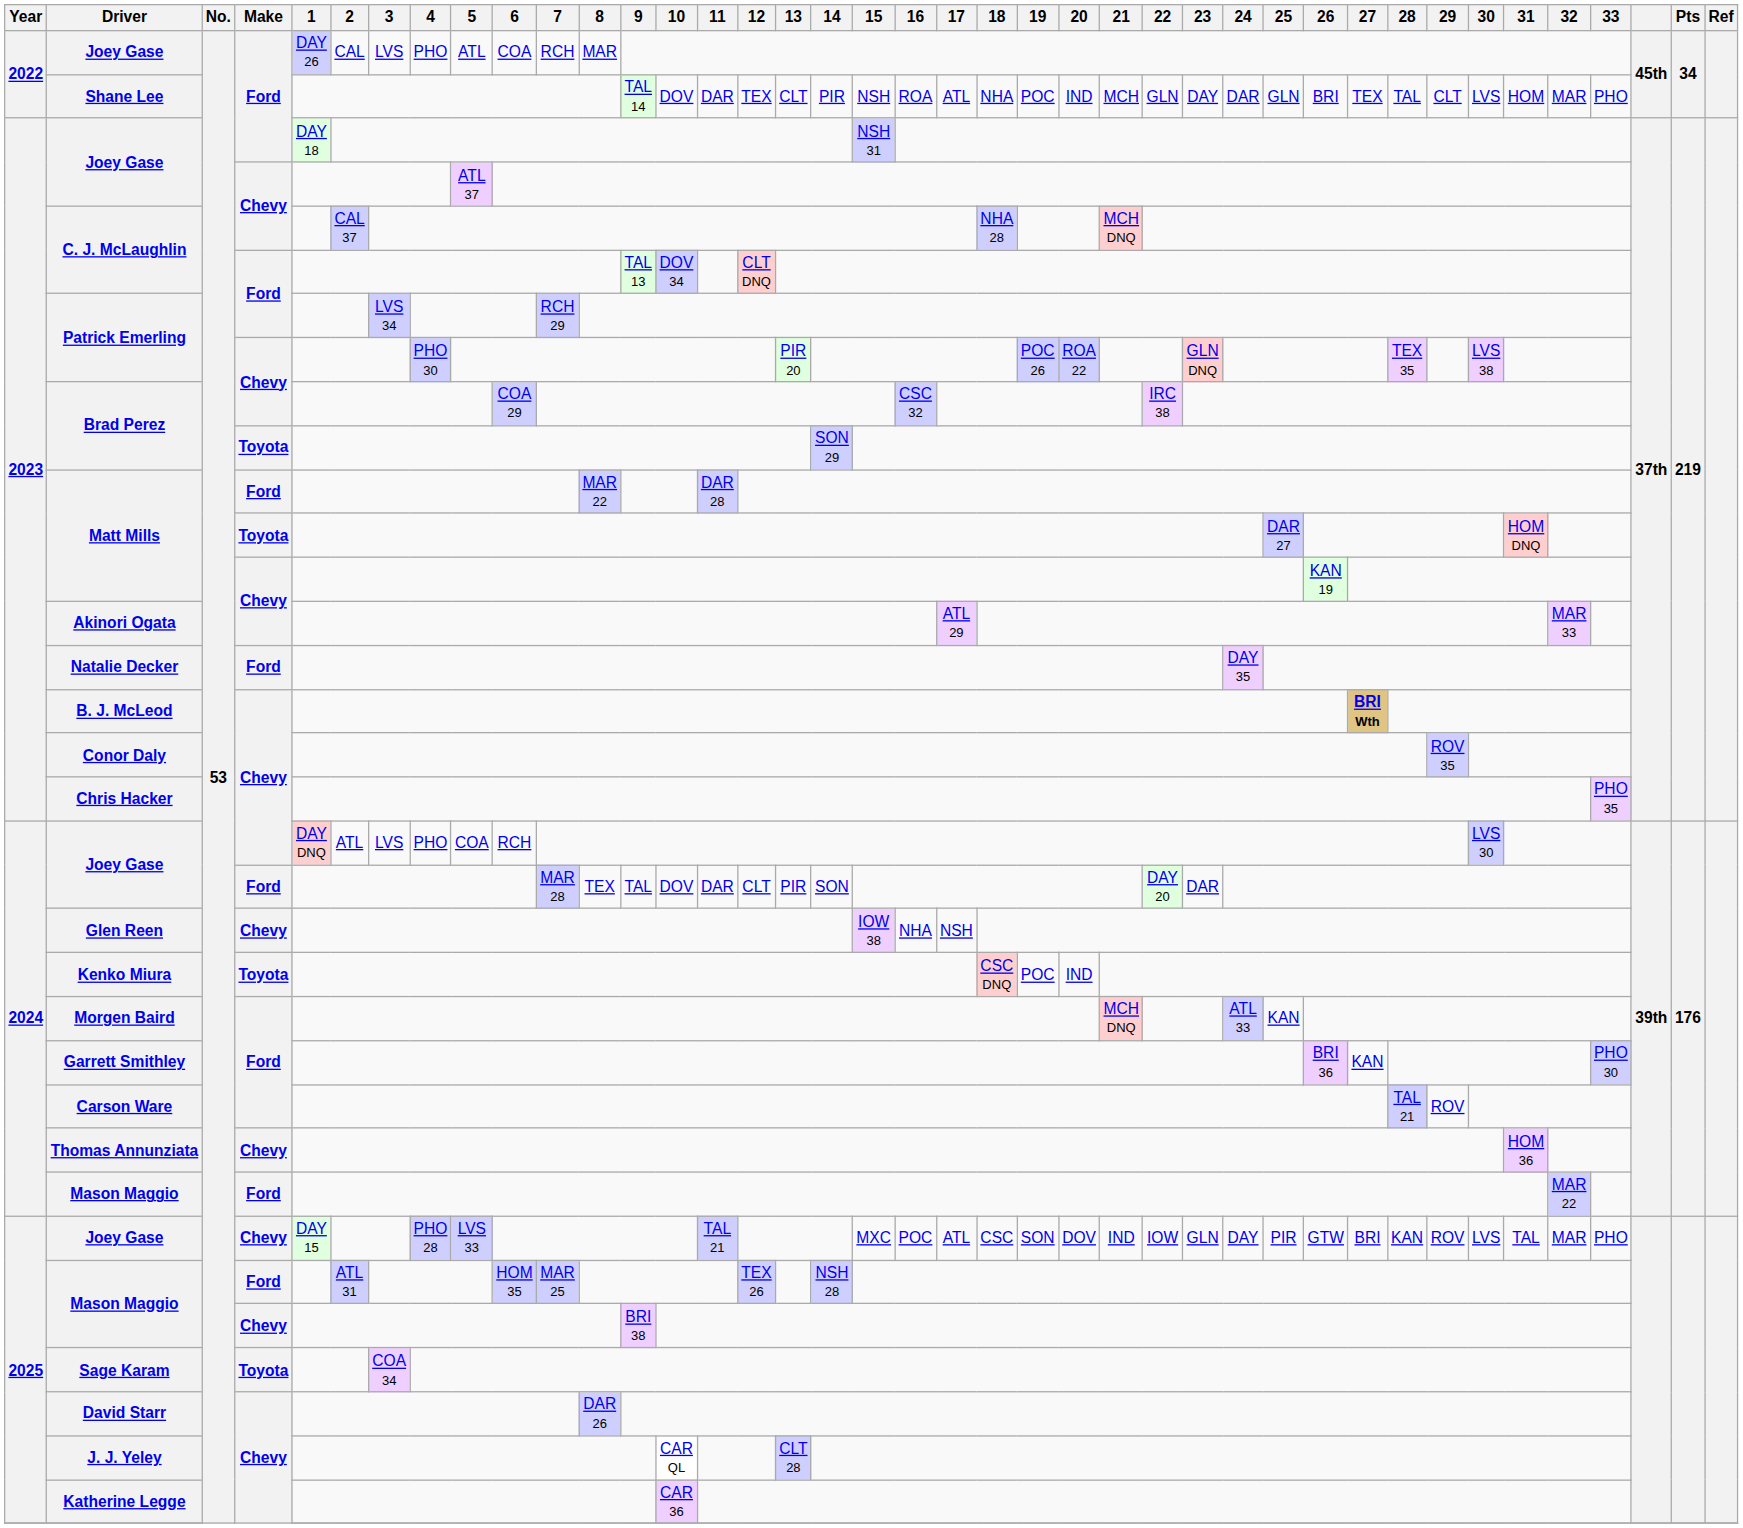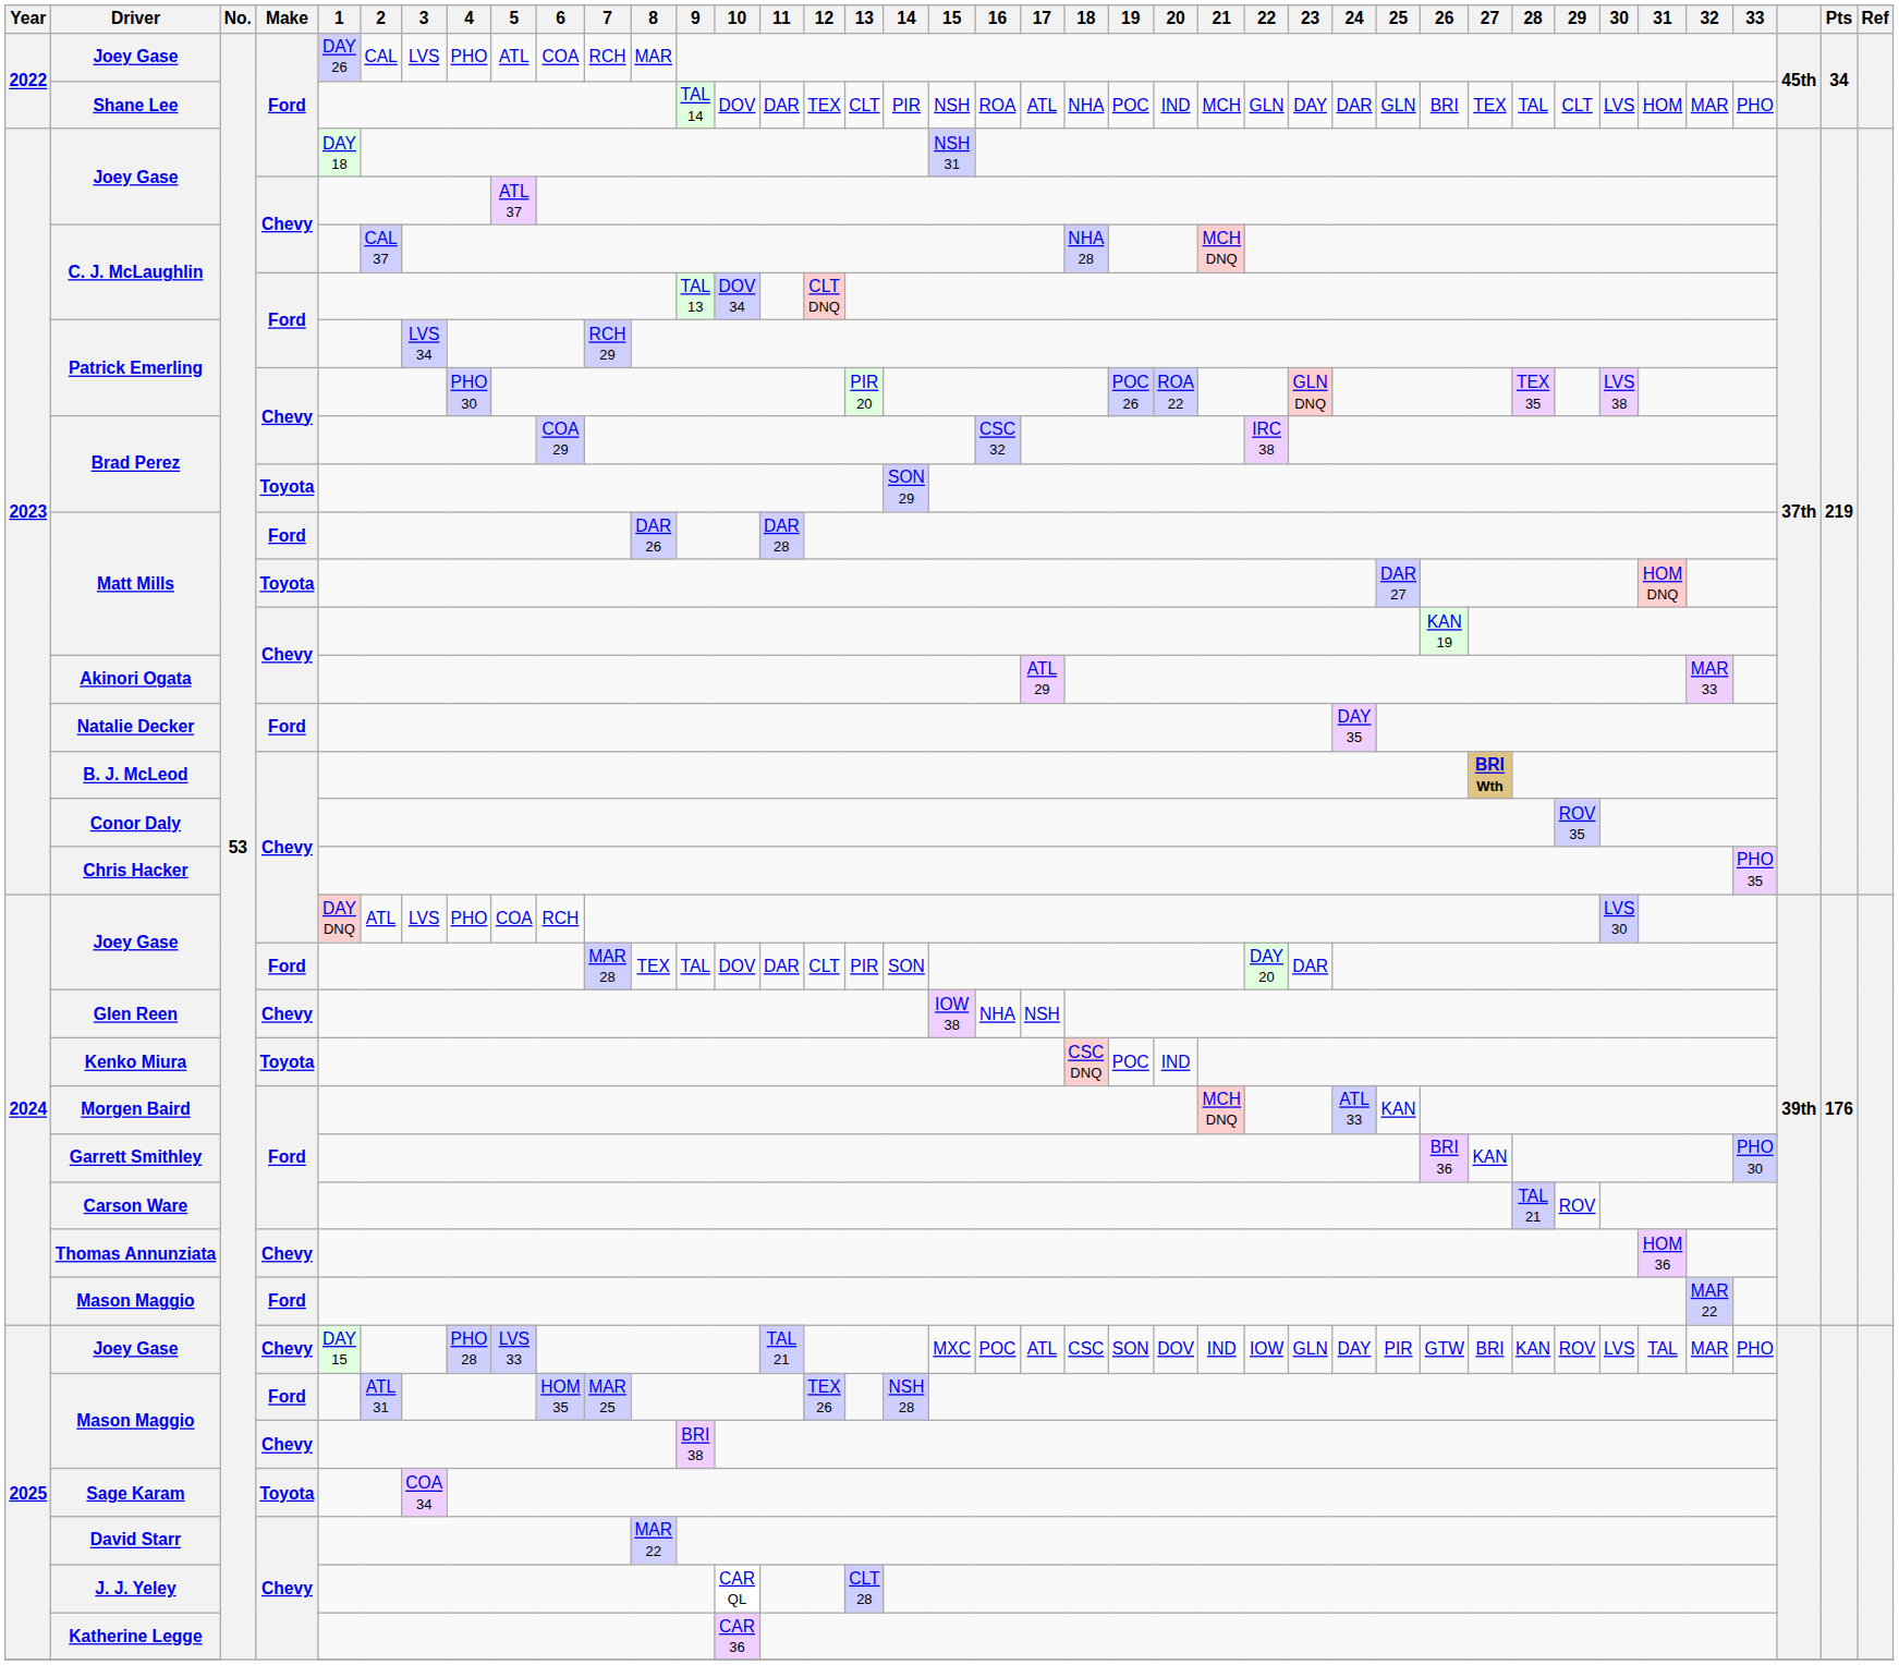 <table class="wikitable" style="text-align:center; font-size:75%">
 <tr>
 <th>Year</th>
 <th>Driver</th>
 <th>No.</th>
 <th>Make</th>
 <th>1</th>
 <th>2</th>
 <th>3</th>
 <th>4</th>
 <th>5</th>
 <th>6</th>
 <th>7</th>
 <th>8</th>
 <th>9</th>
 <th>10</th>
 <th>11</th>
 <th>12</th>
 <th>13</th>
 <th>14</th>
 <th>15</th>
 <th>16</th>
 <th>17</th>
 <th>18</th>
 <th>19</th>
 <th>20</th>
 <th>21</th>
 <th>22</th>
 <th>23</th>
 <th>24</th>
 <th>25</th>
 <th>26</th>
 <th>27</th>
 <th>28</th>
 <th>29</th>
 <th>30</th>
 <th>31</th>
 <th>32</th>
 <th>33</th>
 <th></th>
 <th>Pts</th>
 <th>Ref</th>
 </tr>
 <tr>
 <th rowspan="2"><a href='#'>2022</a></th>
 <th><a href='#'>Joey Gase</a></th>
 <th rowspan="35">53</th>
 <th rowspan="3"><a href='#'>Ford</a></th>
 <td style="background:#CFCFFF;"><a href='#'>DAY</a><br><small>26</small></td>
 <td><a href='#'>CAL</a></td>
 <td><a href='#'>LVS</a></td>
 <td><a href='#'>PHO</a></td>
 <td><a href='#'>ATL</a></td>
 <td><a href='#'>COA</a></td>
 <td><a href='#'>RCH</a></td>
 <td><a href='#'>MAR</a></td>
 <td colspan=25></td>
 <th rowspan="2">45th</th>
 <th rowspan="2">34</th>
 <th rowspan="2"></th>
 </tr>
 <tr>
 <th><a href='#'>Shane Lee</a></th>
 <td colspan=8></td>
 <td style="background:#DFFFDF;"><a href='#'>TAL</a><br><small>14</small></td>
 <td><a href='#'>DOV</a></td>
 <td><a href='#'>DAR</a></td>
 <td><a href='#'>TEX</a></td>
 <td><a href='#'>CLT</a></td>
 <td><a href='#'>PIR</a></td>
 <td><a href='#'>NSH</a></td>
 <td><a href='#'>ROA</a></td>
 <td><a href='#'>ATL</a></td>
 <td><a href='#'>NHA</a></td>
 <td><a href='#'>POC</a></td>
 <td><a href='#'>IND</a></td>
 <td><a href='#'>MCH</a></td>
 <td><a href='#'>GLN</a></td>
 <td><a href='#'>DAY</a></td>
 <td><a href='#'>DAR</a></td>
 <td><a href='#'>GLN</a></td>
 <td><a href='#'>BRI</a></td>
 <td><a href='#'>TEX</a></td>
 <td><a href='#'>TAL</a></td>
 <td><a href='#'>CLT</a></td>
 <td><a href='#'>LVS</a></td>
 <td><a href='#'>HOM</a></td>
 <td><a href='#'>MAR</a></td>
 <td><a href='#'>PHO</a></td>
 </tr>
 <tr>
 <th rowspan="16"><a href='#'>2023</a></th>
 <th rowspan=2><a href='#'>Joey Gase</a></th>
 <td style="background:#DFFFDF;"><a href='#'>DAY</a><br><small>18</small></td>
 <td colspan="13"></td>
 <td style="background:#CFCFFF;"><a href='#'>NSH</a><br><small>31</small></td>
 <td colspan="18"></td>
 <th rowspan="16">37th</th>
 <th rowspan="16">219</th>
 <th rowspan="16"></th>
 </tr>
 <tr>
 <th rowspan=2><a href='#'>Chevy</a></th>
 <td colspan=4></td>
 <td style="background:#EFCFFF;"><a href='#'>ATL</a><br><small>37</small></td>
 <td colspan=28></td>
 </tr>
 <tr>
 <th rowspan="2"><a href='#'>C. J. McLaughlin</a></th>
 <td></td>
 <td style="background:#CFCFFF;"><a href='#'>CAL</a><br><small>37</small></td>
 <td colspan="15"></td>
 <td style="background:#CFCFFF;"><a href='#'>NHA</a><br><small>28</small></td>
 <td colspan="2"></td>
 <td style="background:#FFCFCF;"><a href='#'>MCH</a><br><small>DNQ</small></td>
 <td colspan="12"></td>
 </tr>
 <tr>
 <th rowspan=2><a href='#'>Ford</a></th>
 <td colspan="8"></td>
 <td style="background:#DFFFDF;"><a href='#'>TAL</a><br><small>13</small></td>
 <td style="background:#CFCFFF;"><a href='#'>DOV</a><br><small>34</small></td>
 <td></td>
 <td style="background:#FFCFCF;"><a href='#'>CLT</a><br><small>DNQ</small></td>
 <td colspan="21"></td>
 </tr>
 <tr>
 <th rowspan="2"><a href='#'>Patrick Emerling</a></th>
 <td colspan="2"></td>
 <td style="background:#CFCFFF;"><a href='#'>LVS</a><br><small>34</small></td>
 <td colspan="3"></td>
 <td style="background:#CFCFFF;"><a href='#'>RCH</a><br><small>29</small></td>
 <td colspan="26"></td>
 </tr>
 <tr>
 <th rowspan="2"><a href='#'>Chevy</a></th>
 <td colspan="3"></td>
 <td style="background:#CFCFFF;"><a href='#'>PHO</a><br><small>30</small></td>
 <td colspan="8"></td>
 <td style="background:#DFFFDF;"><a href='#'>PIR</a><br><small>20</small></td>
 <td colspan="5"></td>
 <td style="background:#CFCFFF;"><a href='#'>POC</a><br><small>26</small></td>
 <td style="background:#CFCFFF;"><a href='#'>ROA</a><br><small>22</small></td>
 <td colspan="2"></td>
 <td style="background:#FFCFCF;"><a href='#'>GLN</a><br><small>DNQ</small></td>
 <td colspan="4"></td>
 <td style="background:#EFCFFF;"><a href='#'>TEX</a><br><small>35</small></td>
 <td></td>
 <td style="background:#EFCFFF;"><a href='#'>LVS</a><br><small>38</small></td>
 <td colspan="3"></td>
 </tr>
 <tr>
 <th rowspan="2"><a href='#'>Brad Perez</a></th>
 <td colspan="5"></td>
 <td style="background:#CFCFFF;"><a href='#'>COA</a><br><small>29</small></td>
 <td colspan="9"></td>
 <td style="background:#CFCFFF;"><a href='#'>CSC</a><br><small>32</small></td>
 <td colspan="5"></td>
 <td style="background:#EFCFFF;"><a href='#'>IRC</a><br><small>38</small></td>
 <td colspan="11"></td>
 </tr>
 <tr>
 <th><a href='#'>Toyota</a></th>
 <td colspan=13></td>
 <td style="background:#CFCFFF;"><a href='#'>SON</a><br><small>29</small></td>
 <td colspan=19></td>
 </tr>
 <tr>
 <th rowspan="3"><a href='#'>Matt Mills</a></th>
 <th><a href='#'>Ford</a></th>
 <td colspan=7></td>
-<td style="background:#CFCFFF;"><a href='#'>MAR</a><br><small>22</small></td>
+<td style="background:#CFCFFF;"><a href='#'>DAR</a><br><small>26</small></td>
 <td colspan=2></td>
 <td style="background:#CFCFFF;"><a href='#'>DAR</a><br><small>28</small></td>
 <td colspan=22></td>
 </tr>
 <tr>
 <th><a href='#'>Toyota</a></th>
 <td colspan="24"></td>
 <td style="background:#CFCFFF;"><a href='#'>DAR</a><br><small>27</small></td>
 <td colspan="5"></td>
 <td style="background:#FFCFCF;"><a href='#'>HOM</a><br><small>DNQ</small></td>
 <td colspan="2"></td>
 </tr>
 <tr>
 <th rowspan=2><a href='#'>Chevy</a></th>
 <td colspan=25></td>
 <td style="background:#DFFFDF;"><a href='#'>KAN</a><br><small>19</small></td>
 <td colspan=7></td>
 </tr>
 <tr>
 <th><a href='#'>Akinori Ogata</a></th>
 <td colspan=16></td>
 <td style="background:#EFCFFF;"><a href='#'>ATL</a><br><small>29</small></td>
 <td colspan="14"></td>
 <td style="background:#EFCFFF;"><a href='#'>MAR</a><br><small>33</small></td>
 <td></td>
 </tr>
 <tr>
 <th><a href='#'>Natalie Decker</a></th>
 <th><a href='#'>Ford</a></th>
 <td colspan=23></td>
 <td style="background:#EFCFFF;"><a href='#'>DAY</a><br><small>35</small></td>
 <td colspan=9></td>
 </tr>
 <tr>
 <th><a href='#'>B. J. McLeod</a></th>
 <th rowspan=4><a href='#'>Chevy</a></th>
 <td colspan=26></td>
 <td style="background:#DFC484;"><strong><a href='#'>BRI</a><br><small>Wth</small></strong></td>
 <td colspan=6></td>
 </tr>
 <tr>
 <th><a href='#'>Conor Daly</a></th>
 <td colspan=28></td>
 <td style="background:#CFCFFF;"><a href='#'>ROV</a><br><small>35</small></td>
 <td colspan=4></td>
 </tr>
 <tr>
 <th><a href='#'>Chris Hacker</a></th>
 <td colspan=32></td>
 <td style="background:#EFCFFF;"><a href='#'>PHO</a><br><small>35</small></td>
 </tr>
 <tr>
 <th rowspan="9"><a href='#'>2024</a></th>
 <th rowspan=2><a href='#'>Joey Gase</a></th>
 <td style="background:#FFCFCF;"><a href='#'>DAY</a><br><small>DNQ</small></td>
 <td><a href='#'>ATL</a></td>
 <td><a href='#'>LVS</a></td>
 <td><a href='#'>PHO</a></td>
 <td><a href='#'>COA</a></td>
 <td><a href='#'>RCH</a></td>
 <td colspan="23"></td>
 <td style="background:#CFCFFF;"><a href='#'>LVS</a><br><small>30</small></td>
 <td colspan="3"></td>
 <th rowspan="9">39th</th>
 <th rowspan="9">176</th>
 <th rowspan="9"></th>
 </tr>
 <tr>
 <th><a href='#'>Ford</a></th>
 <td colspan=6></td>
 <td style="background:#CFCFFF;"><a href='#'>MAR</a><br><small>28</small></td>
 <td><a href='#'>TEX</a></td>
 <td><a href='#'>TAL</a></td>
 <td><a href='#'>DOV</a></td>
 <td><a href='#'>DAR</a></td>
 <td><a href='#'>CLT</a></td>
 <td><a href='#'>PIR</a></td>
 <td><a href='#'>SON</a></td>
 <td colspan="7"></td>
 <td style="background:#DFFFDF;"><a href='#'>DAY</a><br><small>20</small></td>
 <td><a href='#'>DAR</a></td>
 <td colspan="10"></td>
 </tr>
 <tr>
 <th><a href='#'>Glen Reen</a></th>
 <th><a href='#'>Chevy</a></th>
 <td colspan=14></td>
 <td style="background:#EFCFFF;"><a href='#'>IOW</a><br><small>38</small></td>
 <td><a href='#'>NHA</a></td>
 <td><a href='#'>NSH</a></td>
 <td colspan=16></td>
 </tr>
 <tr>
 <th><a href='#'>Kenko Miura</a></th>
 <th><a href='#'>Toyota</a></th>
 <td colspan=17></td>
 <td style="background:#FFCFCF;"><a href='#'>CSC</a><br><small>DNQ</small></td>
 <td><a href='#'>POC</a></td>
 <td><a href='#'>IND</a></td>
 <td colspan=13></td>
 </tr>
 <tr>
 <th><a href='#'>Morgen Baird</a></th>
 <th rowspan="3"><a href='#'>Ford</a></th>
 <td colspan=20></td>
 <td style="background:#FFCFCF;"><a href='#'>MCH</a><br><small>DNQ</small></td>
 <td colspan="2"></td>
 <td style="background:#CFCFFF;"><a href='#'>ATL</a><br><small>33</small></td>
 <td><a href='#'>KAN</a></td>
 <td colspan="8"></td>
 </tr>
 <tr>
 <th><a href='#'>Garrett Smithley</a></th>
 <td colspan="25"></td>
 <td style="background:#EFCFFF;"><a href='#'>BRI</a><br><small>36</small></td>
 <td><a href='#'>KAN</a></td>
 <td colspan="5"></td>
 <td style="background:#CFCFFF;"><a href='#'>PHO</a><br><small>30</small></td>
 </tr>
 <tr>
 <th><a href='#'>Carson Ware</a></th>
 <td colspan="27"></td>
 <td style="background:#CFCFFF;"><a href='#'>TAL</a><br><small>21</small></td>
 <td><a href='#'>ROV</a></td>
 <td colspan="4"></td>
 </tr>
 <tr>
 <th><a href='#'>Thomas Annunziata</a></th>
 <th><a href='#'>Chevy</a></th>
 <td colspan="30"></td>
 <td style="background:#EFCFFF;"><a href='#'>HOM</a><br><small>36</small></td>
 <td colspan="2"></td>
 </tr>
 <tr>
 <th><a href='#'>Mason Maggio</a></th>
 <th><a href='#'>Ford</a></th>
 <td colspan="31"></td>
 <td style="background:#CFCFFF;"><a href='#'>MAR</a><br><small>22</small></td>
 <td></td>
 </tr>
 <tr>
 <th rowspan="7"><a href='#'>2025</a></th>
 <th><a href='#'>Joey Gase</a></th>
 <th><a href='#'>Chevy</a></th>
 <td style="background:#DFFFDF;"><a href='#'>DAY</a><br><small>15</small></td>
 <td colspan=2></td>
 <td style="background:#CFCFFF;"><a href='#'>PHO</a><br><small>28</small></td>
 <td style="background:#CFCFFF;"><a href='#'>LVS</a><br><small>33</small></td>
 <td colspan="5"></td>
 <td style="background:#CFCFFF;"><a href='#'>TAL</a><br><small>21</small></td>
 <td colspan="3"></td>
 <td><a href='#'>MXC</a></td>
 <td><a href='#'>POC</a></td>
 <td><a href='#'>ATL</a></td>
 <td><a href='#'>CSC</a></td>
 <td><a href='#'>SON</a></td>
 <td><a href='#'>DOV</a></td>
 <td><a href='#'>IND</a></td>
 <td><a href='#'>IOW</a></td>
 <td><a href='#'>GLN</a></td>
 <td><a href='#'>DAY</a></td>
 <td><a href='#'>PIR</a></td>
 <td><a href='#'>GTW</a></td>
 <td><a href='#'>BRI</a></td>
 <td><a href='#'>KAN</a></td>
 <td><a href='#'>ROV</a></td>
 <td><a href='#'>LVS</a></td>
 <td><a href='#'>TAL</a></td>
 <td><a href='#'>MAR</a></td>
 <td><a href='#'>PHO</a></td>
 <th rowspan="7"></th>
 <th rowspan="7"></th>
 <th rowspan="7"></th>
 </tr>
 <tr>
 <th rowspan="2"><a href='#'>Mason Maggio</a></th>
 <th><a href='#'>Ford</a></th>
 <td></td>
 <td style="background:#CFCFFF;"><a href='#'>ATL</a><br><small>31</small></td>
 <td colspan="3"></td>
 <td style="background:#CFCFFF;"><a href='#'>HOM</a><br><small>35</small></td>
 <td style="background:#CFCFFF;"><a href='#'>MAR</a><br><small>25</small></td>
 <td colspan="4"></td>
 <td style="background:#CFCFFF;"><a href='#'>TEX</a><br><small>26</small></td>
 <td></td>
 <td style="background:#CFCFFF;"><a href='#'>NSH</a><br><small>28</small></td>
 <td colspan="19"></td>
 </tr>
 <tr>
 <th><a href='#'>Chevy</a></th>
 <td colspan="8"></td>
 <td style="background:#EFCFFF;"><a href='#'>BRI</a><br><small>38</small></td>
 <td colspan="24"></td>
 </tr>
 <tr>
 <th><a href='#'>Sage Karam</a></th>
 <th><a href='#'>Toyota</a></th>
 <td colspan=2></td>
 <td style="background:#EFCFFF;"><a href='#'>COA</a><br><small>34</small></td>
 <td colspan=30></td>
 </tr>
 <tr>
 <th><a href='#'>David Starr</a></th>
 <th rowspan="4"><a href='#'>Chevy</a></th>
 <td colspan=7></td>
-<td style="background:#CFCFFF;"><a href='#'>DAR</a><br><small>26</small></td>
+<td style="background:#CFCFFF;"><a href='#'>MAR</a><br><small>22</small></td>
 <td colspan=25></td>
 </tr>
 <tr>
 <th><a href='#'>J. J. Yeley</a></th>
 <td colspan=9></td>
 <td style="background:#FFFFFF;"><a href='#'>CAR</a><br><small>QL</small></td>
 <td colspan=2></td>
 <td style="background:#CFCFFF;"><a href='#'>CLT</a><br><small>28</small></td>
 <td colspan=20></td>
 </tr>
 <tr>
 <th><a href='#'>Katherine Legge</a></th>
 <td colspan=9></td>
 <td style="background:#EFCFFF;"><a href='#'>CAR</a><br><small>36</small></td>
 <td colspan=23></td>
 </tr>
 <tr>
 </tr>
 </table>
